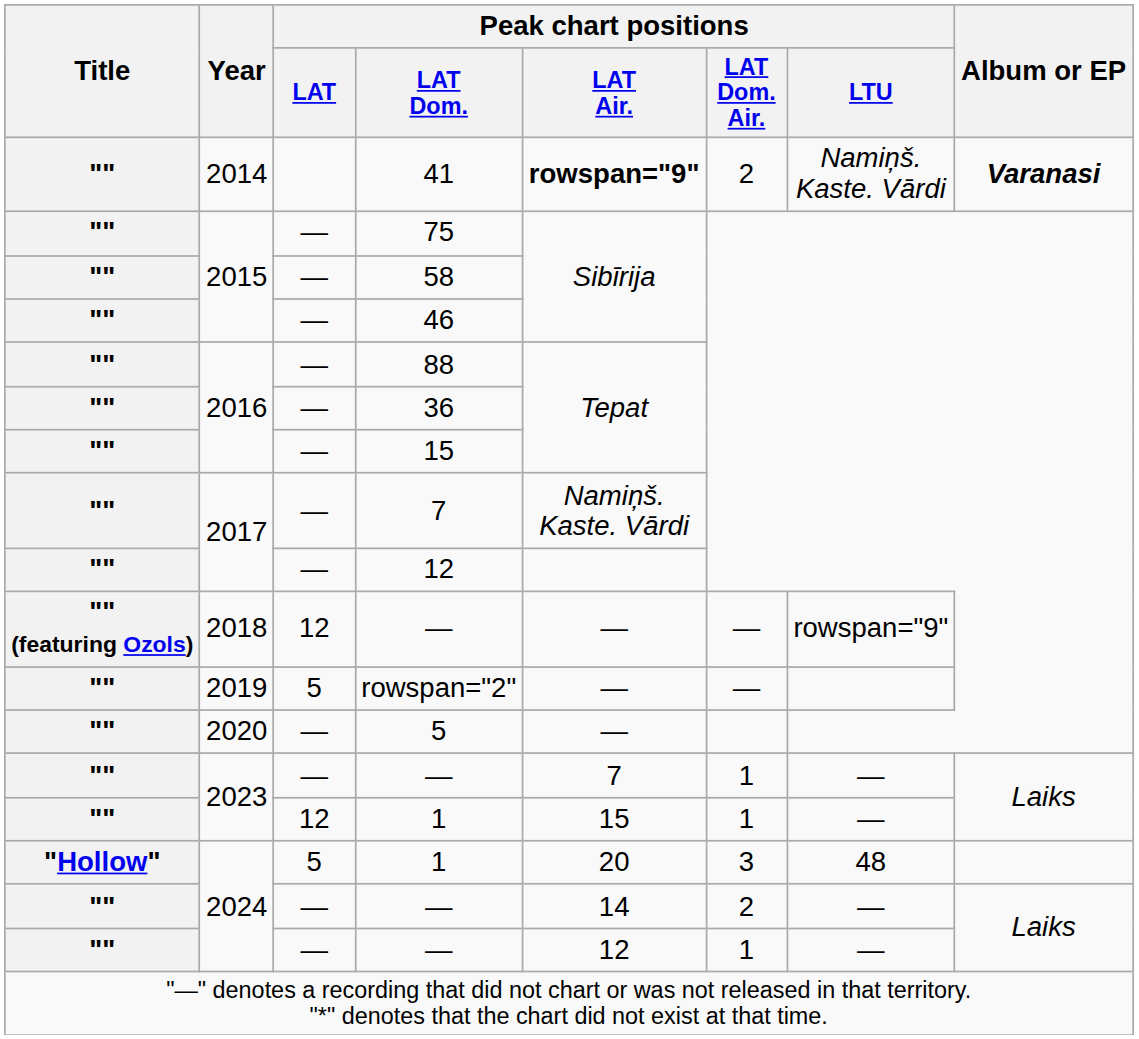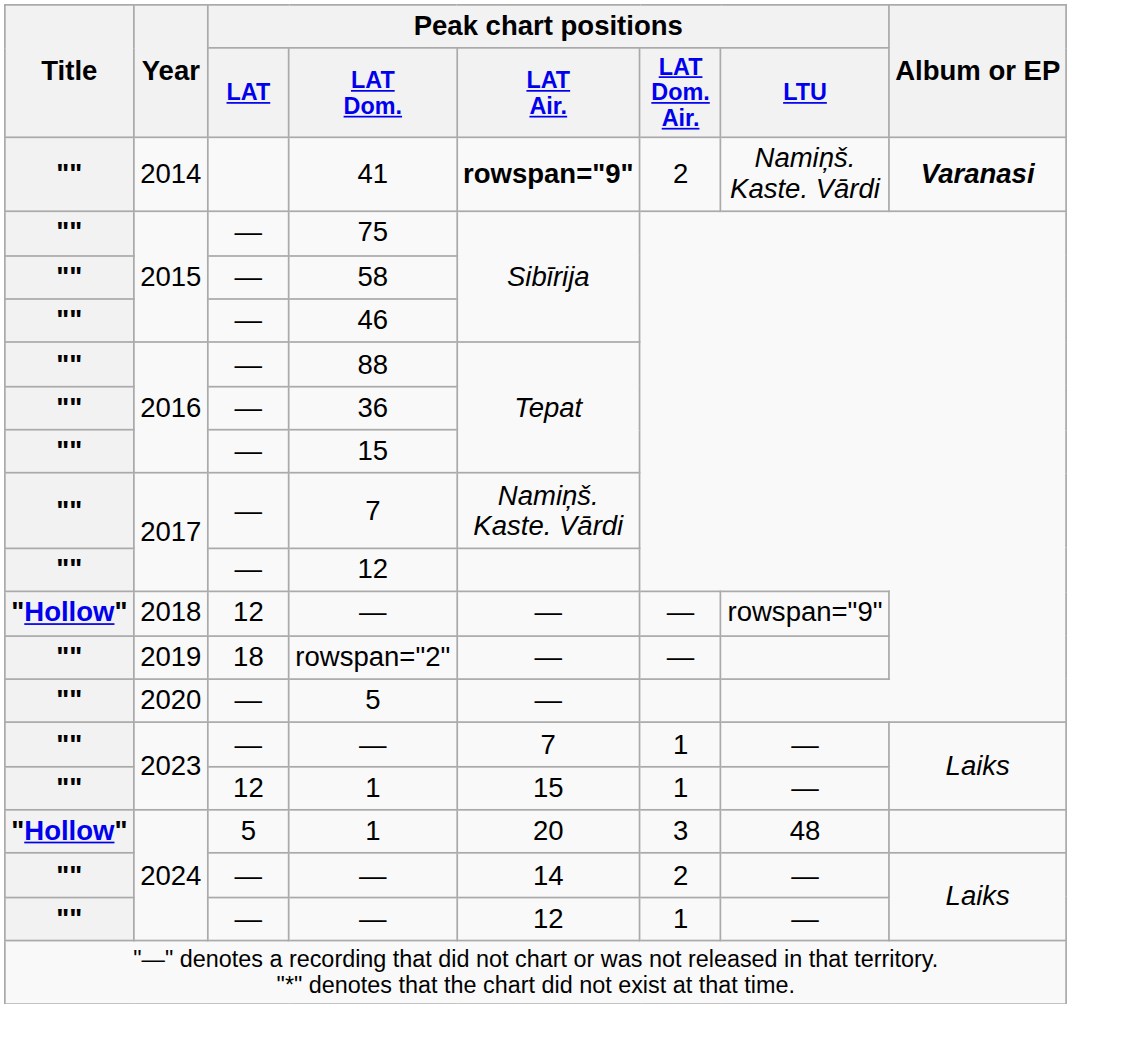 <table class="wikitable plainrowheaders" style="text-align:center;">
 <tr>
 <th scope="col" rowspan="2">Title</th>
 <th scope="col" rowspan="2">Year</th>
 <th colspan="5" scope="col">Peak chart positions</th>
 <th scope="col" rowspan="2">Album or EP</th>
 </tr>
 <tr>
 <th scope="col" style="width:3em;font-size:85%;"><a href='#'>LAT</a><br></th>
 <th scope="col" style="width:3em;font-size:85%;"><a href='#'>LAT<br>Dom.</a><br></th>
 <th scope="col" style="width:3em;font-size:85%;"><a href='#'>LAT<br>Air.</a><br></th>
 <th scope="col" style="width:3em;font-size:85%;"><a href='#'>LAT<br>Dom.<br>Air.</a><br></th>
 <th scope="col" style="width:3em;font-size:85%;"><a href='#'>LTU</a><br></th>
 </tr>
 <tr>
 <th scope="row">""</th>
 <td>2014</td>
 <td></td>
 <td>41</td>
 <td><strong>rowspan="9" </strong></td>
 <td>2</td>
 <td><em>Namiņš. Kaste. Vārdi</em></td>
 <td><strong><em>Varanasi</em></strong></td>
 </tr>
 <tr>
 <th scope="row">""</th>
 <td rowspan="3">2015</td>
 <td>—</td>
 <td>75</td>
 <td rowspan="3"><em>Sibīrija</em></td>
 </tr>
 <tr>
 <th scope="row">""</th>
 <td>—</td>
 <td>58</td>
 </tr>
 <tr>
 <th scope="row">""</th>
 <td>—</td>
 <td>46</td>
 </tr>
 <tr>
 <th scope="row">""</th>
 <td rowspan="3">2016</td>
 <td>—</td>
 <td>88</td>
 <td rowspan="3"><em>Tepat</em></td>
 </tr>
 <tr>
 <th scope="row">""</th>
 <td>—</td>
 <td>36</td>
 </tr>
 <tr>
 <th scope="row">""</th>
 <td>—</td>
 <td>15</td>
 </tr>
 <tr>
 <th scope="row">""</th>
 <td rowspan="2">2017</td>
 <td>—</td>
 <td>7</td>
 <td><em>Namiņš. Kaste. Vārdi</em></td>
 </tr>
 <tr>
 <th scope="row">""</th>
 <td>—</td>
 <td>12</td>
 <td></td>
 </tr>
 <tr>
-<th scope="row">""<br><small>(featuring <a href='#'>Ozols</a>)</small></th>
+<th scope="row">"<a href='#'>Hollow</a>"</th>
 <td>2018</td>
 <td>12</td>
 <td>—</td>
 <td>—</td>
 <td>—</td>
 <td>rowspan="9" </td>
 </tr>
 <tr>
 <th scope="row">""</th>
 <td>2019</td>
-<td>5</td>
+<td>18</td>
 <td>rowspan="2" </td>
 <td>—</td>
 <td>—</td>
 <td></td>
 </tr>
 <tr>
 <th scope="row">""</th>
 <td>2020</td>
 <td>—</td>
 <td>5</td>
 <td>—</td>
 <td><em></em></td>
 </tr>
 <tr>
 <th scope="row">""</th>
 <td rowspan="2">2023</td>
 <td>—</td>
 <td>—</td>
 <td>7</td>
 <td>1</td>
 <td>—</td>
 <td rowspan="2"><em>Laiks</em></td>
 </tr>
 <tr>
 <th scope="row">""</th>
 <td>12</td>
 <td>1</td>
 <td>15</td>
 <td>1</td>
 <td>—</td>
 </tr>
 <tr>
 <th scope="row">"<a href='#'>Hollow</a>"</th>
 <td rowspan="3">2024</td>
 <td>5</td>
 <td>1</td>
 <td>20</td>
 <td>3</td>
 <td>48</td>
 <td></td>
 </tr>
 <tr>
 <th scope="row">""</th>
 <td>—</td>
 <td>—</td>
 <td>14</td>
 <td>2</td>
 <td>—</td>
 <td rowspan="2"><em>Laiks</em></td>
 </tr>
 <tr>
 <th scope="row">""</th>
 <td>—</td>
 <td>—</td>
 <td>12</td>
 <td>1</td>
 <td>—</td>
 </tr>
 <tr>
 <td colspan="8" style="font-size:85%">"—" denotes a recording that did not chart or was not released in that territory.<br>"*" denotes that the chart did not exist at that time.</td>
 </tr>
 </table>
